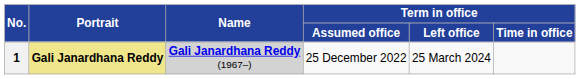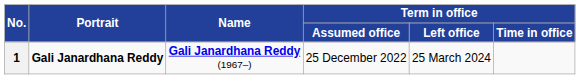 <table class="wikitable sortable" style="text-align:center;">
 <tr>
 <th rowspan=2 style="background-color:#22409A;color:white">No.</th>
 <th rowspan=2 style="background-color:#22409A;color:white">Portrait</th>
 <th rowspan=2 style="background-color:#22409A;color:white">Name<br></th>
 <th colspan=3 style="background-color:#22409A;color:white">Term in office</th>
 </tr>
 <tr>
 <th style="background-color:#22409A;color:white">Assumed office</th>
 <th style="background-color:#22409A;color:white">Left office</th>
 <th style="background-color:#22409A;color:white">Time in office</th>
 </tr>
 <tr>
 <th>1</th>
-<td style="background: khaki;"><strong>Gali Janardhana Reddy</strong></td>
-<td style="background: lightgrey;"><strong><a href='#'>Gali Janardhana Reddy</a></strong><br><small>(1967–)</small></td>
+<td><strong>Gali Janardhana Reddy</strong></td>
+<td><strong><a href='#'>Gali Janardhana Reddy</a></strong><br><small>(1967–)</small></td>
 <td>25 December 2022</td>
 <td>25 March 2024</td>
 <td></td>
 </tr>
 </table>
